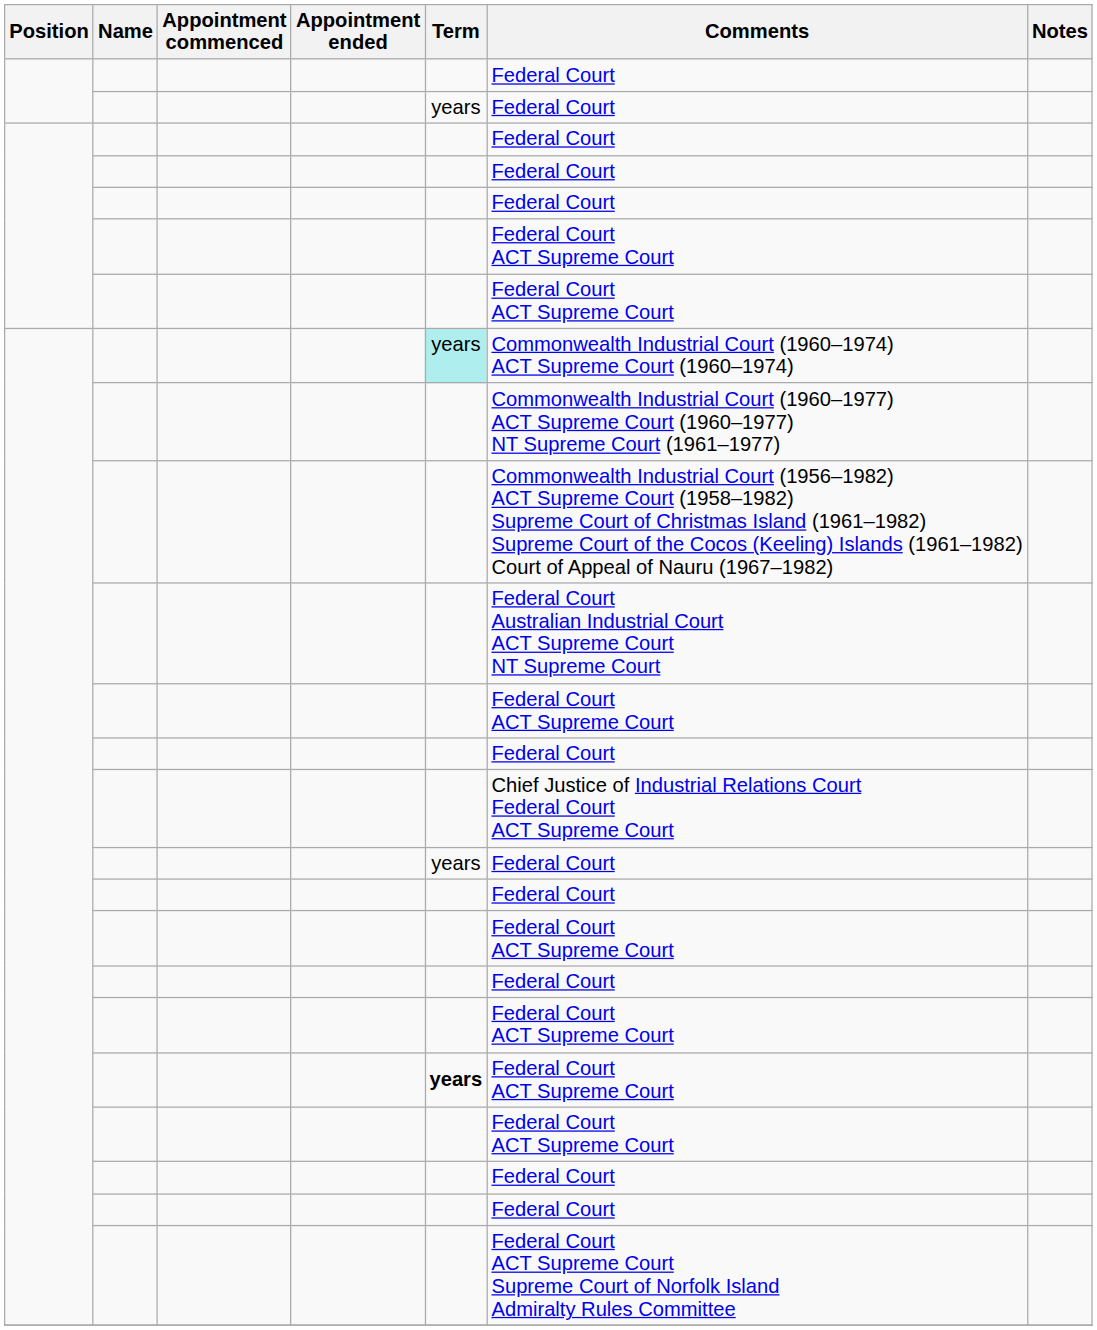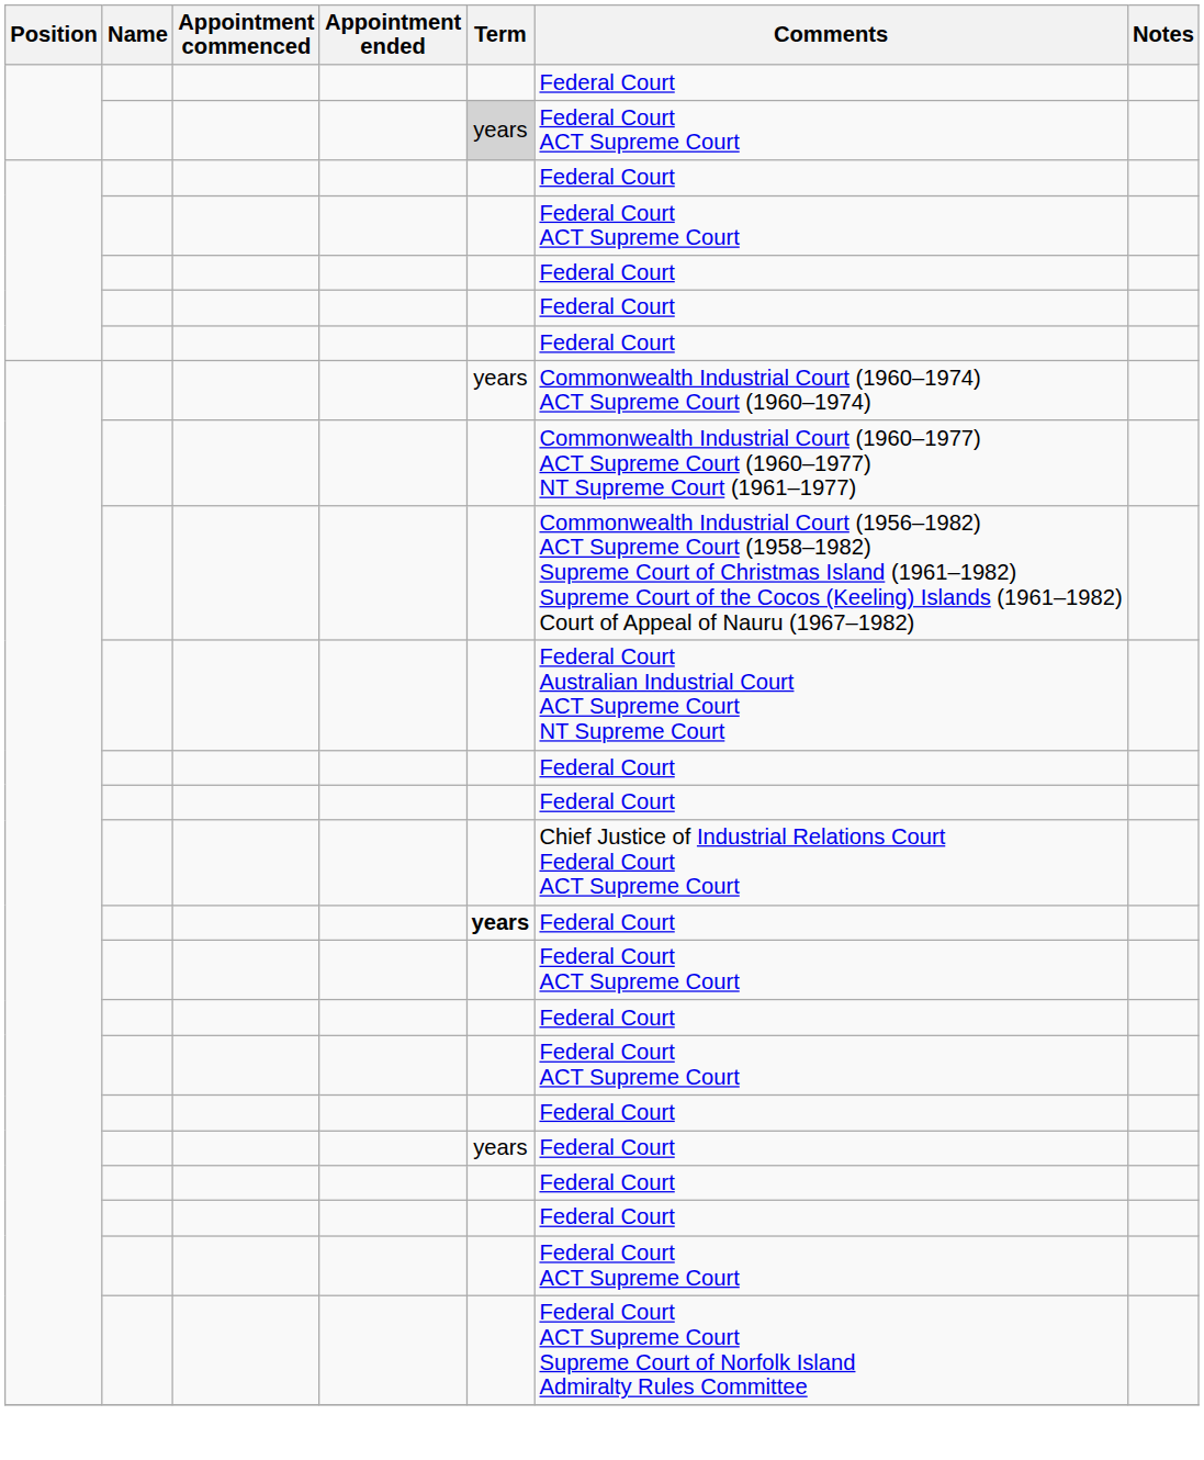 <table class="wikitable sortable" border="1">
 <tr>
 <th>Position</th>
 <th>Name</th>
 <th data-sort-type="date">Appointment<br>commenced</th>
 <th data-sort-type="date">Appointment<br>ended</th>
 <th>Term</th>
 <th>Comments</th>
 <th class="unsortable">Notes</th>
 </tr>
 <tr valign="top">
 <td rowspan="2"></td>
 <td> </td>
 <td align=center></td>
 <td align=center></td>
 <td align=center></td>
 <td><a href='#'>Federal Court</a></td>
 <td></td>
 </tr>
 <tr>
 <td></td>
 <td align=center></td>
 <td align=center></td>
-<td align=center> years</td>
-<td><a href='#'>Federal Court</a></td>
+<td align=center style="background: lightgrey;"> years</td>
+<td><a href='#'>Federal Court</a><br><a href='#'>ACT Supreme Court</a></td>
 <td></td>
 </tr>
 <tr valign="top">
 <td rowspan="5"></td>
 <td> </td>
 <td align=center></td>
 <td align=center></td>
 <td align=center></td>
 <td><a href='#'>Federal Court</a></td>
+<td></td>
+</tr>
+<tr>
+<td></td>
+<td align=center></td>
+<td align=center></td>
+<td align=center></td>
+<td><a href='#'>Federal Court</a><br><a href='#'>ACT Supreme Court</a></td>
 <td></td>
 </tr>
 <tr>
 <td></td>
 <td align=center></td>
 <td align=center></td>
 <td align=center></td>
 <td><a href='#'>Federal Court</a></td>
 <td></td>
 </tr>
 <tr>
 <td></td>
 <td align=center></td>
 <td align=center></td>
 <td align=center></td>
 <td><a href='#'>Federal Court</a></td>
 <td></td>
 </tr>
 <tr>
 <td></td>
 <td align=center></td>
-<td align=center></td>
-<td align=center></td>
-<td><a href='#'>Federal Court</a><br><a href='#'>ACT Supreme Court</a></td>
-<td></td>
-</tr>
-<tr>
 <td></td>
 <td align=center></td>
-<td></td>
-<td align=center></td>
-<td><a href='#'>Federal Court</a><br><a href='#'>ACT Supreme Court</a></td>
+<td><a href='#'>Federal Court</a></td>
 <td></td>
 </tr>
 <tr valign="top">
 <td rowspan="17"></td>
 <td> </td>
 <td align=center></td>
 <td align=center></td>
-<td align=center style="background: paleturquoise;"> years</td>
+<td align=center> years</td>
 <td><a href='#'>Commonwealth Industrial Court</a> (1960–1974)<br><a href='#'>ACT Supreme Court</a> (1960–1974)</td>
 <td></td>
 </tr>
 <tr>
 <td> </td>
 <td align=center></td>
 <td align=center></td>
 <td align=center></td>
 <td><a href='#'>Commonwealth Industrial Court</a> (1960–1977)<br><a href='#'>ACT Supreme Court</a> (1960–1977)<br><a href='#'>NT Supreme Court</a> (1961–1977)</td>
 <td></td>
 </tr>
 <tr>
 <td> </td>
 <td align=center></td>
 <td align=center></td>
 <td align=center></td>
 <td><a href='#'>Commonwealth Industrial Court</a> (1956–1982)<br><a href='#'>ACT Supreme Court</a> (1958–1982)<br><a href='#'>Supreme Court of Christmas Island</a> (1961–1982)<br><a href='#'>Supreme Court of the Cocos (Keeling) Islands</a> (1961–1982)<br>Court of Appeal of Nauru (1967–1982)</td>
 <td></td>
 </tr>
 <tr>
 <td></td>
 <td align=center></td>
 <td align=center></td>
 <td align=center></td>
 <td><a href='#'>Federal Court</a><br><a href='#'>Australian Industrial Court</a><br><a href='#'>ACT Supreme Court</a><br><a href='#'>NT Supreme Court</a></td>
 <td></td>
 </tr>
 <tr>
 <td> </td>
 <td align=center></td>
 <td align=center></td>
 <td align=center></td>
-<td><a href='#'>Federal Court</a><br><a href='#'>ACT Supreme Court</a></td>
+<td><a href='#'>Federal Court</a></td>
 <td></td>
 </tr>
 <tr>
 <td> </td>
 <td align=center></td>
 <td align=center></td>
 <td align=center></td>
 <td><a href='#'>Federal Court</a></td>
 <td></td>
 </tr>
 <tr>
 <td> </td>
 <td align=center></td>
 <td align=center></td>
 <td align=center></td>
 <td>Chief Justice of <a href='#'>Industrial Relations Court</a><br><a href='#'>Federal Court</a><br><a href='#'>ACT Supreme Court</a></td>
 <td></td>
 </tr>
 <tr>
 <td> </td>
 <td align=center></td>
 <td align=center></td>
-<td align=center> years</td>
+<td align=center><strong> years</strong></td>
 <td><a href='#'>Federal Court</a></td>
 <td></td>
 </tr>
 <tr>
 <td> </td>
 <td align=center></td>
 <td align=center></td>
 <td align=center></td>
-<td><a href='#'>Federal Court</a></td>
-<td></td>
-</tr>
-<tr>
-<td></td>
-<td align=center></td>
-<td align=center></td>
-<td align=center></td>
-<td><a href='#'>Federal Court</a><br><a href='#'>ACT Supreme Court</a></td>
-<td></td>
-</tr>
-<tr>
-<td> </td>
-<td align=center></td>
-<td align=center></td>
-<td align=center></td>
-<td><a href='#'>Federal Court</a></td>
-<td></td>
-</tr>
-<tr>
-<td></td>
-<td align=center></td>
-<td align=center></td>
-<td align=center></td>
-<td><a href='#'>Federal Court</a><br><a href='#'>ACT Supreme Court</a></td>
-<td></td>
-</tr>
-<tr>
-<td> </td>
-<td align=center></td>
-<td align=center></td>
-<td align=center><strong> years</strong></td>
 <td><a href='#'>Federal Court</a><br><a href='#'>ACT Supreme Court</a></td>
 <td></td>
 </tr>
 <tr>
 <td></td>
 <td align=center></td>
 <td align=center></td>
 <td align=center></td>
+<td><a href='#'>Federal Court</a></td>
+<td></td>
+</tr>
+<tr>
+<td> </td>
+<td align=center></td>
+<td align=center></td>
+<td align=center></td>
 <td><a href='#'>Federal Court</a><br><a href='#'>ACT Supreme Court</a></td>
+<td></td>
+</tr>
+<tr>
+<td></td>
+<td align=center></td>
+<td align=center></td>
+<td align=center></td>
+<td><a href='#'>Federal Court</a></td>
+<td></td>
+</tr>
+<tr>
+<td> </td>
+<td align=center></td>
+<td align=center></td>
+<td align=center> years</td>
+<td><a href='#'>Federal Court</a></td>
 <td></td>
 </tr>
 <tr>
 <td></td>
 <td align=center></td>
 <td align=center></td>
 <td align=center></td>
 <td><a href='#'>Federal Court</a></td>
 <td></td>
 </tr>
 <tr>
 <td></td>
 <td align=center></td>
 <td align=center></td>
 <td align=center></td>
 <td><a href='#'>Federal Court</a></td>
 <td></td>
 </tr>
 <tr>
 <td></td>
 <td align=center></td>
 <td align=center></td>
 <td align=center></td>
+<td><a href='#'>Federal Court</a><br><a href='#'>ACT Supreme Court</a></td>
+<td></td>
+</tr>
+<tr>
+<td></td>
+<td align=center></td>
+<td align=center></td>
+<td align=center></td>
 <td><a href='#'>Federal Court</a><br><a href='#'>ACT Supreme Court</a><br><a href='#'>Supreme Court of Norfolk Island</a><br><a href='#'>Admiralty Rules Committee</a></td>
 <td><br></td>
 </tr>
 <tr>
 </tr>
 </table>
